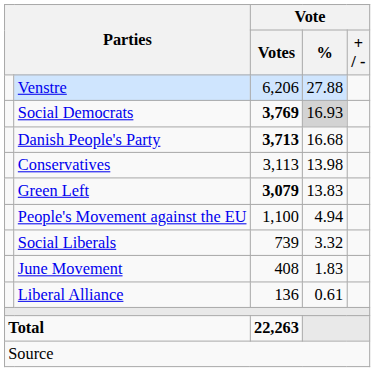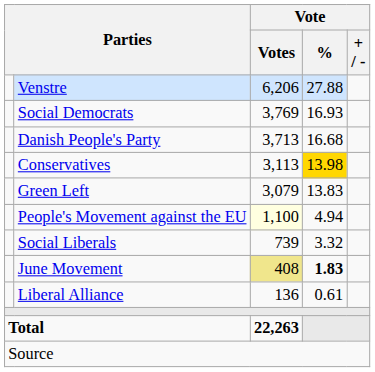 <table class="wikitable" style="text-align:right;">
 <tr>
 <th style="text-align:centre;" rowspan="2" colspan="2" width="225">Parties</th>
 <th colspan="3">Vote</th>
 </tr>
 <tr>
 <th width="15">Votes</th>
 <th width="15">%</th>
 <th width="15">+ / -</th>
 </tr>
 <tr>
 <td width="2" style="color:inherit;background:"></td>
 <td bgcolor=#cfe5fe   align="left"><a href='#'>Venstre</a></td>
 <td bgcolor=#cfe5fe>6,206</td>
 <td bgcolor=#cfe5fe>27.88</td>
 <td></td>
 </tr>
 <tr>
 <td width="2" style="color:inherit;background:"></td>
 <td align="left"><a href='#'>Social Democrats</a></td>
-<td><strong>3,769</strong></td>
-<td style="background: lightgrey;">16.93</td>
+<td>3,769</td>
+<td>16.93</td>
 <td></td>
 </tr>
 <tr>
 <td width="2" style="color:inherit;background:"></td>
 <td align="left"><a href='#'>Danish People's Party</a></td>
-<td><strong>3,713</strong></td>
+<td>3,713</td>
 <td>16.68</td>
 <td></td>
 </tr>
 <tr>
 <td width="2" style="color:inherit;background:"></td>
 <td align="left"><a href='#'>Conservatives</a></td>
 <td>3,113</td>
-<td>13.98</td>
+<td style="background: gold;">13.98</td>
 <td></td>
 </tr>
 <tr>
 <td width="2" style="color:inherit;background:"></td>
 <td align="left"><a href='#'>Green Left</a></td>
-<td><strong>3,079</strong></td>
+<td>3,079</td>
 <td>13.83</td>
 <td></td>
 </tr>
 <tr>
 <td width="2" style="color:inherit;background:"></td>
 <td align="left"><a href='#'>People's Movement against the EU</a></td>
-<td>1,100</td>
+<td style="background: lightyellow;">1,100</td>
 <td>4.94</td>
 <td></td>
 </tr>
 <tr>
 <td width="2" style="color:inherit;background:"></td>
 <td align="left"><a href='#'>Social Liberals</a></td>
 <td>739</td>
 <td>3.32</td>
 <td></td>
 </tr>
 <tr>
 <td width="2" style="color:inherit;background:"></td>
 <td align="left"><a href='#'>June Movement</a></td>
-<td>408</td>
-<td>1.83</td>
+<td style="background: khaki;">408</td>
+<td><strong>1.83</strong></td>
 <td></td>
 </tr>
 <tr>
 <td width="2" style="color:inherit;background:"></td>
 <td align="left"><a href='#'>Liberal Alliance</a></td>
 <td>136</td>
 <td>0.61</td>
 <td></td>
 </tr>
 <tr>
 <td colspan="7" bgcolor="#E9E9E9"></td>
 </tr>
 <tr>
 <td align="left" colspan="2"><strong>Total</strong></td>
 <td><strong>22,263</strong></td>
 <td bgcolor="#E9E9E9" colspan="2"></td>
 </tr>
 <tr>
 <td align="left" colspan="6">Source</td>
 </tr>
 </table>
